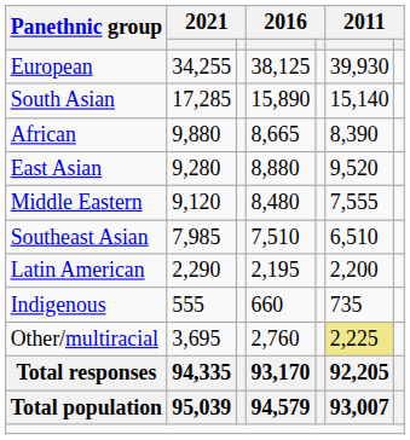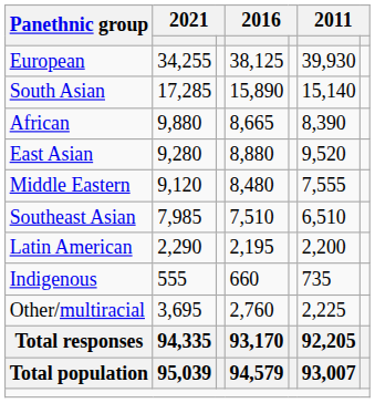 <table class="wikitable collapsible sortable">
 <tr>
 <th rowspan="2"><a href='#'>Panethnic</a> group</th>
 <th colspan="2">2021</th>
 <th colspan="2">2016</th>
 <th colspan="2">2011</th>
 </tr>
 <tr>
 <th><a href='#'></a></th>
 <th></th>
 <th></th>
 <th></th>
 <th></th>
 <th></th>
 </tr>
 <tr>
 <td><a href='#'>European</a></td>
 <td>34,255</td>
 <td></td>
 <td>38,125</td>
 <td></td>
 <td>39,930</td>
 <td></td>
 </tr>
 <tr>
 <td><a href='#'>South Asian</a></td>
 <td>17,285</td>
 <td></td>
 <td>15,890</td>
 <td></td>
 <td>15,140</td>
 <td></td>
 </tr>
 <tr>
 <td><a href='#'>African</a></td>
 <td>9,880</td>
 <td></td>
 <td>8,665</td>
 <td></td>
 <td>8,390</td>
 <td></td>
 </tr>
 <tr>
 <td><a href='#'>East Asian</a></td>
 <td>9,280</td>
 <td></td>
 <td>8,880</td>
 <td></td>
 <td>9,520</td>
 <td></td>
 </tr>
 <tr>
 <td><a href='#'>Middle Eastern</a></td>
 <td>9,120</td>
 <td></td>
 <td>8,480</td>
 <td></td>
 <td>7,555</td>
 <td></td>
 </tr>
 <tr>
 <td><a href='#'>Southeast Asian</a></td>
 <td>7,985</td>
 <td></td>
 <td>7,510</td>
 <td></td>
 <td>6,510</td>
 <td></td>
 </tr>
 <tr>
 <td><a href='#'>Latin American</a></td>
 <td>2,290</td>
 <td></td>
 <td>2,195</td>
 <td></td>
 <td>2,200</td>
 <td></td>
 </tr>
 <tr>
 <td><a href='#'>Indigenous</a></td>
 <td>555</td>
 <td></td>
 <td>660</td>
 <td></td>
 <td>735</td>
 <td></td>
 </tr>
 <tr>
 <td>Other/<a href='#'>multiracial</a></td>
 <td>3,695</td>
 <td></td>
 <td>2,760</td>
 <td></td>
-<td style="background: khaki;">2,225</td>
+<td>2,225</td>
 <td></td>
 </tr>
 <tr>
 <th>Total responses</th>
 <th>94,335</th>
 <th></th>
 <th>93,170</th>
 <th></th>
 <th>92,205</th>
 <th></th>
 </tr>
 <tr class="sortbottom">
 <th>Total population</th>
 <th>95,039</th>
 <th></th>
 <th>94,579</th>
 <th></th>
 <th>93,007</th>
 <th></th>
 </tr>
 <tr class="sortbottom">
 <td colspan="15"></td>
 </tr>
 </table>
